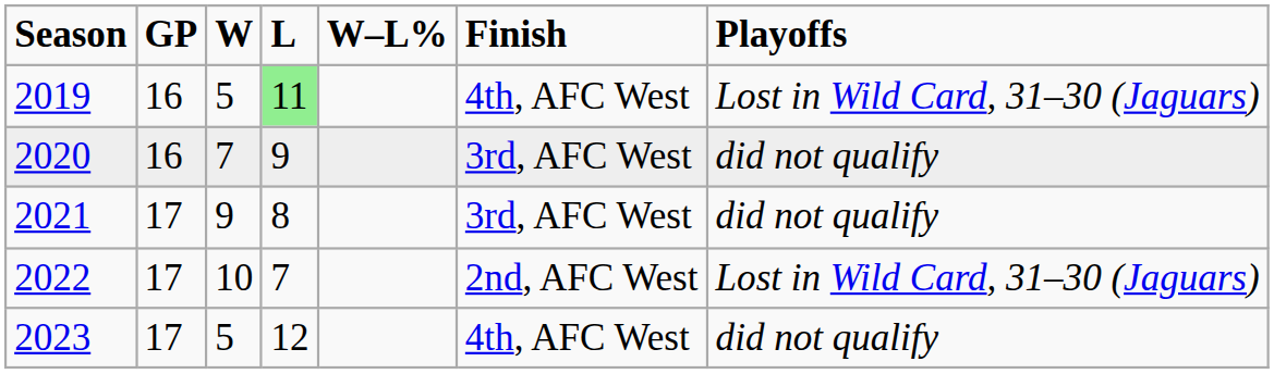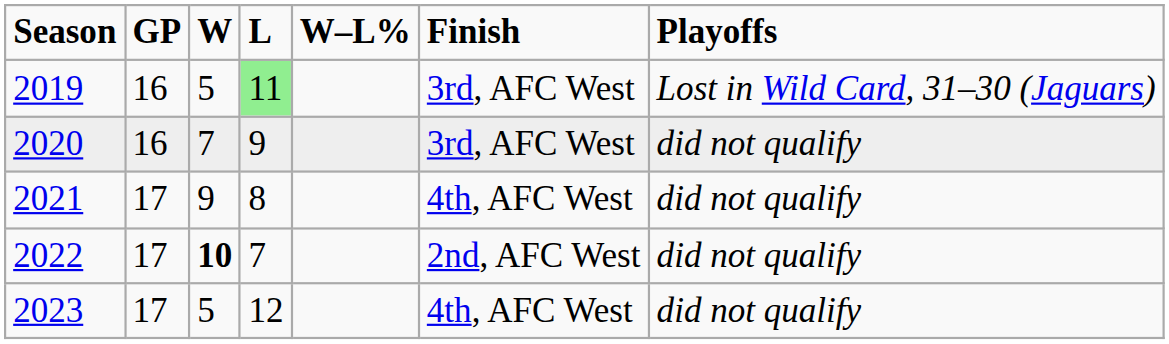 <table class="wikitable">
 <tr style="font-weight:bold; ">
 <td>Season</td>
 <td>GP</td>
 <td>W</td>
 <td>L</td>
 <td>W–L%</td>
 <td>Finish</td>
 <td>Playoffs</td>
 </tr>
 <tr>
 <td><a href='#'>2019</a></td>
 <td>16</td>
 <td>5</td>
 <td style="background: lightgreen;">11</td>
 <td></td>
-<td><a href='#'>4th</a>, AFC West</td>
+<td><a href='#'>3rd</a>, AFC West</td>
 <td><em>Lost in <a href='#'>Wild Card</a>, 31–30 (<a href='#'>Jaguars</a>)</em></td>
 </tr>
 <tr style="background:#eee;">
 <td><a href='#'>2020</a></td>
 <td>16</td>
 <td>7</td>
 <td>9</td>
 <td></td>
 <td><a href='#'>3rd</a>, AFC West</td>
 <td><em>did not qualify</em></td>
 </tr>
 <tr>
 <td><a href='#'>2021</a></td>
 <td>17</td>
 <td>9</td>
 <td>8</td>
 <td></td>
-<td><a href='#'>3rd</a>, AFC West</td>
+<td><a href='#'>4th</a>, AFC West</td>
 <td><em>did not qualify</em></td>
 </tr>
 <tr>
 <td><a href='#'>2022</a></td>
 <td>17</td>
-<td>10</td>
+<td><strong>10</strong></td>
 <td>7</td>
 <td></td>
 <td><a href='#'>2nd</a>, AFC West</td>
-<td><em>Lost in <a href='#'>Wild Card</a>, 31–30 (<a href='#'>Jaguars</a>)</em></td>
+<td><em>did not qualify</em></td>
 </tr>
 <tr>
 <td><a href='#'>2023</a></td>
 <td>17</td>
 <td>5</td>
 <td>12</td>
 <td></td>
 <td><a href='#'>4th</a>, AFC West</td>
 <td><em>did not qualify</em></td>
 </tr>
 </table>
